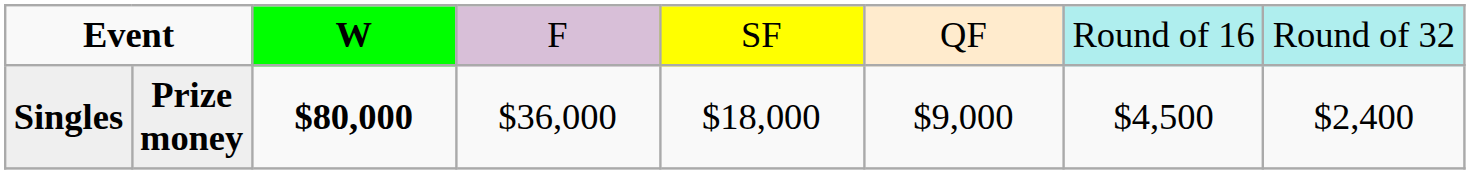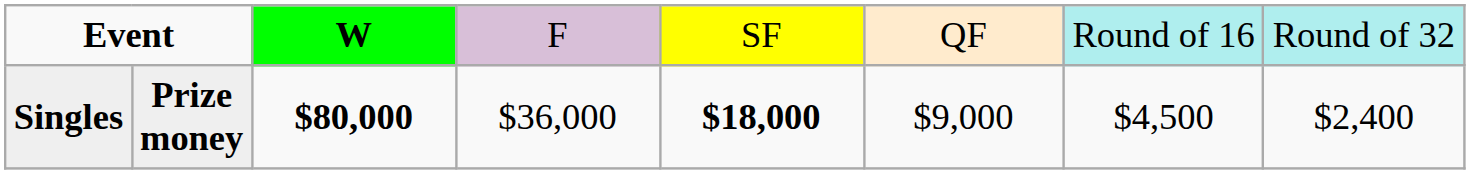 <table class=wikitable style=font-size:95%;text-align:center>
 <tr>
 <td colspan="2" style="width:150px"><strong>Event</strong></td>
 <td style="width:85px; background:lime"><strong>W</strong></td>
 <td style="width:85px; background:thistle">F</td>
 <td style="width:85px; background:#ffff00">SF</td>
 <td style="width:85px; background:#ffebcd">QF</td>
 <td style="width:85px; background:#afeeee">Round of 16</td>
 <td style="width:85px; background:#afeeee">Round of 32</td>
 </tr>
 <tr>
 <th style=background:#efefef>Singles</th>
 <th style=background:#efefef>Prize money</th>
 <td><strong>$80,000</strong></td>
 <td>$36,000</td>
-<td>$18,000</td>
+<td><strong>$18,000</strong></td>
 <td>$9,000</td>
 <td>$4,500</td>
 <td>$2,400</td>
 </tr>
 </table>
